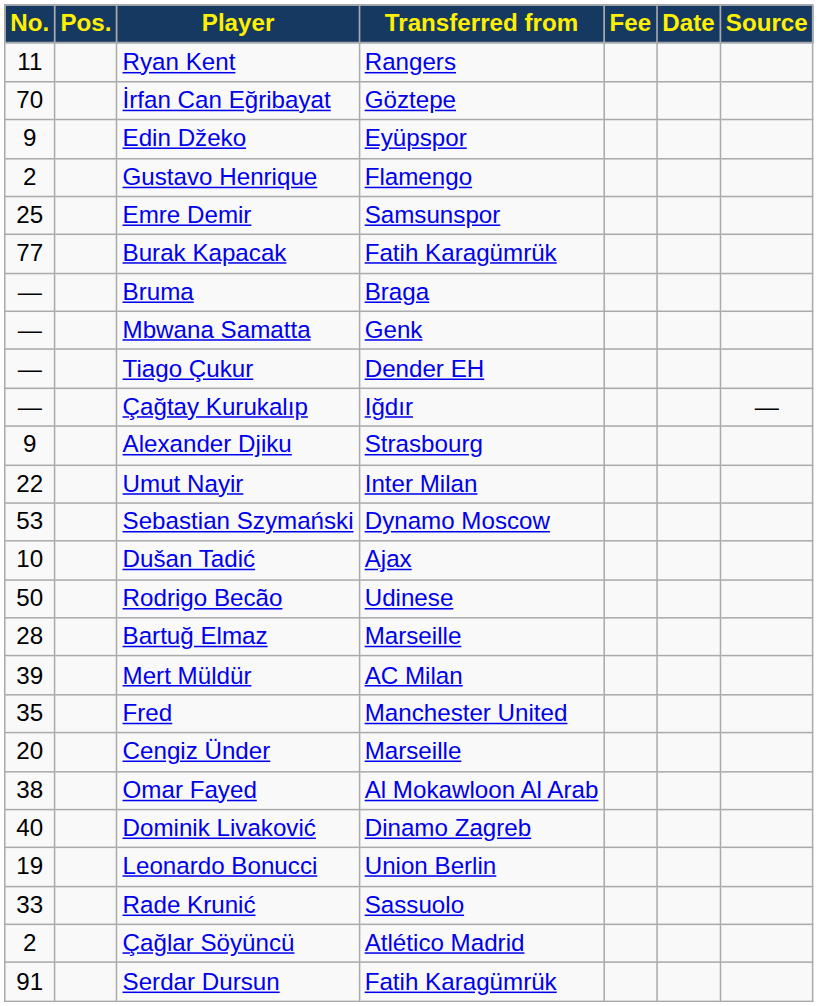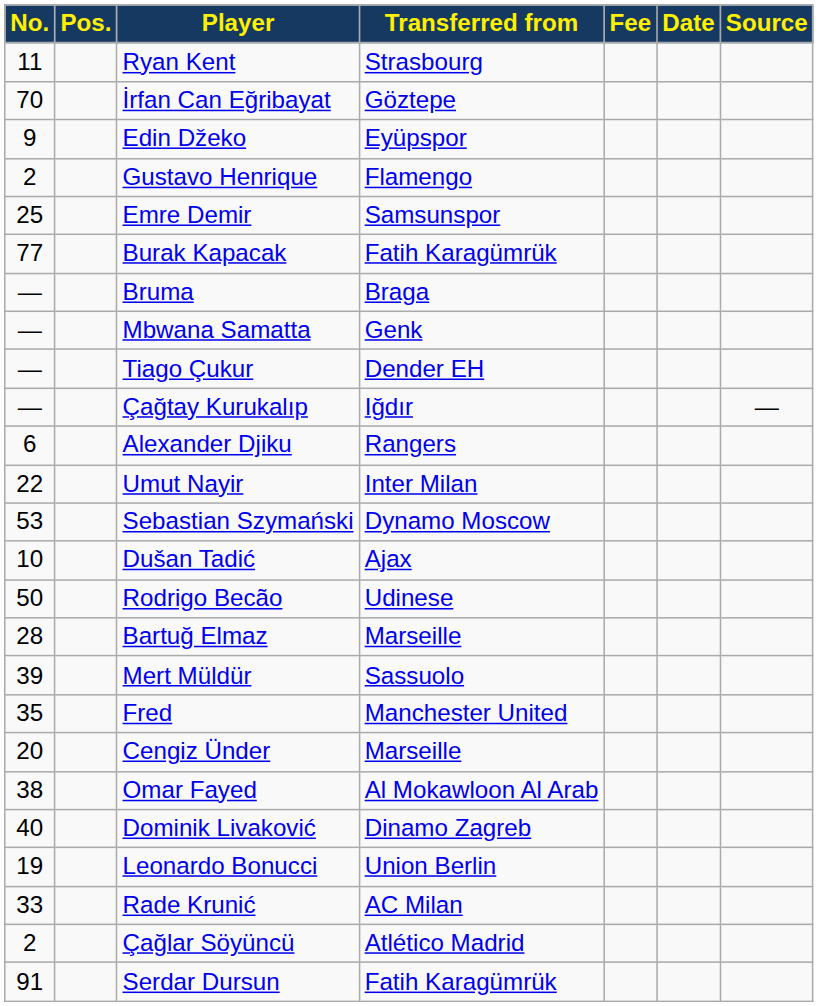 <table class="wikitable plainrowheaders sortable">
 <tr>
 <th style="background:#163962; color:#FFF000; ">No.</th>
 <th style="background:#163962; color:#FFF000; ">Pos.</th>
 <th style="background:#163962; color:#FFF000; ">Player</th>
 <th style="background:#163962; color:#FFF000; ">Transferred from</th>
 <th style="background:#163962; color:#FFF000; ">Fee</th>
 <th style="background:#163962; color:#FFF000; ">Date</th>
 <th style="background:#163962; color:#FFF000; ">Source</th>
 </tr>
 <tr>
 <td align=center>11</td>
 <td align=center></td>
 <td> <a href='#'>Ryan Kent</a></td>
-<td> <a href='#'>Rangers</a></td>
+<td> <a href='#'>Strasbourg</a></td>
 <td></td>
 <td></td>
 <td align=center></td>
 </tr>
 <tr>
 <td align=center>70</td>
 <td align=center></td>
 <td> <a href='#'>İrfan Can Eğribayat</a></td>
 <td> <a href='#'>Göztepe</a></td>
 <td></td>
 <td></td>
 <td align=center></td>
 </tr>
 <tr>
 <td align=center>9</td>
 <td align=center></td>
 <td> <a href='#'>Edin Džeko</a></td>
 <td> <a href='#'>Eyüpspor</a></td>
 <td></td>
 <td></td>
 <td align=center></td>
 </tr>
 <tr>
 <td align=center>2</td>
 <td align=center></td>
 <td> <a href='#'>Gustavo Henrique</a></td>
 <td> <a href='#'>Flamengo</a></td>
 <td></td>
 <td></td>
 <td align=center></td>
 </tr>
 <tr>
 <td align=center>25</td>
 <td align=center></td>
 <td> <a href='#'>Emre Demir</a></td>
 <td> <a href='#'>Samsunspor</a></td>
 <td></td>
 <td></td>
 <td align=center></td>
 </tr>
 <tr>
 <td align=center>77</td>
 <td align=center></td>
 <td> <a href='#'>Burak Kapacak</a></td>
 <td> <a href='#'>Fatih Karagümrük</a></td>
 <td></td>
 <td></td>
 <td align=center></td>
 </tr>
 <tr>
 <td align=center>—</td>
 <td align=center></td>
 <td> <a href='#'>Bruma</a></td>
 <td> <a href='#'>Braga</a></td>
 <td></td>
 <td></td>
 <td align=center></td>
 </tr>
 <tr>
 <td align=center>—</td>
 <td align=center></td>
 <td> <a href='#'>Mbwana Samatta</a></td>
 <td> <a href='#'>Genk</a></td>
 <td></td>
 <td></td>
 <td align=center></td>
 </tr>
 <tr>
 <td align=center>—</td>
 <td align=center></td>
 <td> <a href='#'>Tiago Çukur</a></td>
 <td> <a href='#'>Dender EH</a></td>
 <td></td>
 <td></td>
 <td align=center></td>
 </tr>
 <tr>
 <td align=center>—</td>
 <td align=center></td>
 <td> <a href='#'>Çağtay Kurukalıp</a></td>
 <td> <a href='#'>Iğdır</a></td>
 <td></td>
 <td></td>
 <td align=center>—</td>
 </tr>
 <tr>
-<td align=center>9</td>
+<td align=center>6</td>
 <td align=center></td>
 <td> <a href='#'>Alexander Djiku</a></td>
-<td> <a href='#'>Strasbourg</a></td>
+<td> <a href='#'>Rangers</a></td>
 <td></td>
 <td></td>
 <td align=center></td>
 </tr>
 <tr>
 <td align=center>22</td>
 <td align=center></td>
 <td> <a href='#'>Umut Nayir</a></td>
 <td> <a href='#'>Inter Milan</a></td>
 <td></td>
 <td></td>
 <td align=center></td>
 </tr>
 <tr>
 <td align=center>53</td>
 <td align=center></td>
 <td> <a href='#'>Sebastian Szymański</a></td>
 <td> <a href='#'>Dynamo Moscow</a></td>
 <td></td>
 <td></td>
 <td align=center></td>
 </tr>
 <tr>
 <td align=center>10</td>
 <td align=center></td>
 <td> <a href='#'>Dušan Tadić</a></td>
 <td> <a href='#'>Ajax</a></td>
 <td></td>
 <td></td>
 <td align=center></td>
 </tr>
 <tr>
 <td align=center>50</td>
 <td align=center></td>
 <td> <a href='#'>Rodrigo Becão</a></td>
 <td> <a href='#'>Udinese</a></td>
 <td></td>
 <td></td>
 <td align=center></td>
 </tr>
 <tr>
 <td align=center>28</td>
 <td align=center></td>
 <td> <a href='#'>Bartuğ Elmaz</a></td>
 <td> <a href='#'>Marseille</a></td>
 <td></td>
 <td></td>
 <td align=center></td>
 </tr>
 <tr>
 <td align=center>39</td>
 <td align=center></td>
 <td> <a href='#'>Mert Müldür</a></td>
-<td> <a href='#'>AC Milan</a></td>
+<td> <a href='#'>Sassuolo</a></td>
 <td></td>
 <td></td>
 <td align=center></td>
 </tr>
 <tr>
 <td align=center>35</td>
 <td align=center></td>
 <td> <a href='#'>Fred</a></td>
 <td> <a href='#'>Manchester United</a></td>
 <td></td>
 <td></td>
 <td align=center></td>
 </tr>
 <tr>
 <td align=center>20</td>
 <td align=center></td>
 <td> <a href='#'>Cengiz Ünder</a></td>
 <td> <a href='#'>Marseille</a></td>
 <td></td>
 <td></td>
 <td align=center></td>
 </tr>
 <tr>
 <td align=center>38</td>
 <td align=center></td>
 <td> <a href='#'>Omar Fayed</a></td>
 <td> <a href='#'>Al Mokawloon Al Arab</a></td>
 <td></td>
 <td></td>
 <td align=center></td>
 </tr>
 <tr>
 <td align=center>40</td>
 <td align=center></td>
 <td> <a href='#'>Dominik Livaković</a></td>
 <td> <a href='#'>Dinamo Zagreb</a></td>
 <td></td>
 <td></td>
 <td align=center></td>
 </tr>
 <tr>
 <td align=center>19</td>
 <td align=center></td>
 <td> <a href='#'>Leonardo Bonucci</a></td>
 <td> <a href='#'>Union Berlin</a></td>
 <td></td>
 <td></td>
 <td align=center></td>
 </tr>
 <tr>
 <td align=center>33</td>
 <td align=center></td>
 <td> <a href='#'>Rade Krunić</a></td>
-<td> <a href='#'>Sassuolo</a></td>
+<td> <a href='#'>AC Milan</a></td>
 <td></td>
 <td></td>
 <td align=center></td>
 </tr>
 <tr>
 <td align=center>2</td>
 <td align=center></td>
 <td> <a href='#'>Çağlar Söyüncü</a></td>
 <td> <a href='#'>Atlético Madrid</a></td>
 <td></td>
 <td></td>
 <td align=center></td>
 </tr>
 <tr>
 <td align=center>91</td>
 <td align=center></td>
 <td> <a href='#'>Serdar Dursun</a></td>
 <td> <a href='#'>Fatih Karagümrük</a></td>
 <td></td>
 <td></td>
 <td align=center></td>
 </tr>
 </table>
